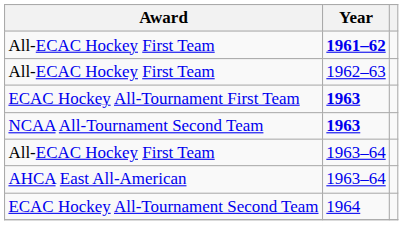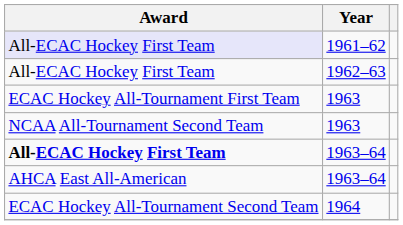 <table class="wikitable">
 <tr>
 <th>Award</th>
 <th>Year</th>
 <th></th>
 </tr>
 <tr>
-<td>All-<a href='#'>ECAC Hockey</a> <a href='#'>First Team</a></td>
-<td><strong><a href='#'>1961–62</a></strong></td>
+<td style="background: lavender;">All-<a href='#'>ECAC Hockey</a> <a href='#'>First Team</a></td>
+<td><a href='#'>1961–62</a></td>
 <td></td>
 </tr>
 <tr>
 <td>All-<a href='#'>ECAC Hockey</a> <a href='#'>First Team</a></td>
 <td><a href='#'>1962–63</a></td>
 <td></td>
 </tr>
 <tr>
 <td><a href='#'>ECAC Hockey</a> <a href='#'>All-Tournament First Team</a></td>
-<td><strong><a href='#'>1963</a></strong></td>
+<td><a href='#'>1963</a></td>
 <td></td>
 </tr>
 <tr>
 <td><a href='#'>NCAA</a> <a href='#'>All-Tournament Second Team</a></td>
-<td><strong><a href='#'>1963</a></strong></td>
+<td><a href='#'>1963</a></td>
 <td></td>
 </tr>
 <tr>
-<td>All-<a href='#'>ECAC Hockey</a> <a href='#'>First Team</a></td>
+<td><strong>All-<a href='#'>ECAC Hockey</a> <a href='#'>First Team</a></strong></td>
 <td><a href='#'>1963–64</a></td>
 <td></td>
 </tr>
 <tr>
 <td><a href='#'>AHCA</a> <a href='#'>East All-American</a></td>
 <td><a href='#'>1963–64</a></td>
 <td></td>
 </tr>
 <tr>
 <td><a href='#'>ECAC Hockey</a> <a href='#'>All-Tournament Second Team</a></td>
 <td><a href='#'>1964</a></td>
 <td></td>
 </tr>
 <tr>
 </tr>
 </table>
